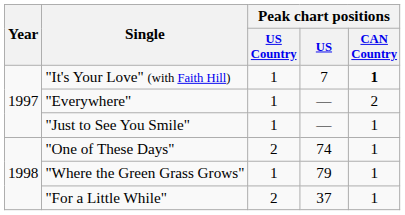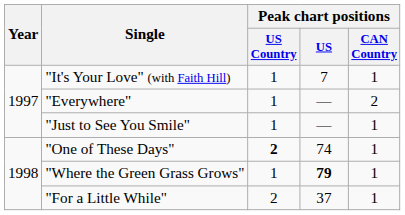 <table class="wikitable" style="text-align:center;">
 <tr>
 <th rowspan="2">Year</th>
 <th rowspan="2">Single</th>
 <th colspan="3">Peak chart positions</th>
 </tr>
 <tr style="font-size:smaller;">
 <th width="45"><a href='#'>US Country</a></th>
 <th width="45"><a href='#'>US</a></th>
 <th width="45"><a href='#'>CAN Country</a></th>
 </tr>
 <tr>
 <td rowspan="3">1997</td>
 <td align="left">"It's Your Love" <small>(with <a href='#'>Faith Hill</a>)</small></td>
 <td>1</td>
 <td>7</td>
-<td><strong>1</strong></td>
+<td>1</td>
 </tr>
 <tr>
 <td align="left">"Everywhere"</td>
 <td>1</td>
 <td>—</td>
 <td>2</td>
 </tr>
 <tr>
 <td align="left">"Just to See You Smile"</td>
 <td>1</td>
 <td>—</td>
 <td>1</td>
 </tr>
 <tr>
 <td rowspan="3">1998</td>
 <td align="left">"One of These Days"</td>
-<td>2</td>
+<td><strong>2</strong></td>
 <td>74</td>
 <td>1</td>
 </tr>
 <tr>
 <td align="left">"Where the Green Grass Grows"</td>
 <td>1</td>
-<td>79</td>
+<td><strong>79</strong></td>
 <td>1</td>
 </tr>
 <tr>
 <td align="left">"For a Little While"</td>
 <td>2</td>
 <td>37</td>
 <td>1</td>
 </tr>
 </table>
